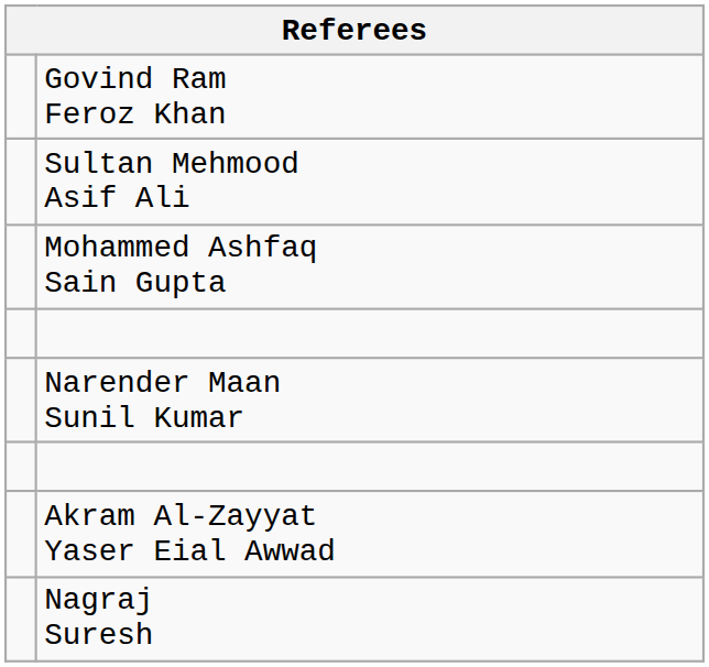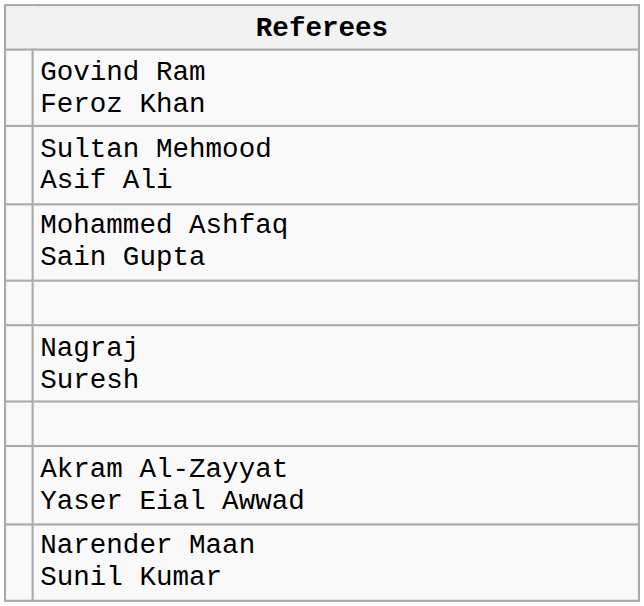 <table class="wikitable" style="width:300px;">
 <tr>
 <th colspan=2>Referees</th>
 </tr>
 <tr>
 <td align=left></td>
 <td>Govind Ram <br> Feroz Khan</td>
 </tr>
 <tr>
 <td align=left></td>
 <td>Sultan Mehmood<br>Asif Ali</td>
 </tr>
 <tr>
 <td align=left></td>
 <td>Mohammed Ashfaq <br> Sain Gupta</td>
 </tr>
 <tr>
 <td align=left></td>
 <td><br></td>
 </tr>
 <tr>
 <td align=left></td>
-<td>Narender Maan <br> Sunil Kumar</td>
+<td>Nagraj <br> Suresh</td>
 </tr>
 <tr>
 <td align=left></td>
 <td><br></td>
 </tr>
 <tr>
 <td align=left></td>
 <td>Akram Al-Zayyat<br>Yaser Eial Awwad</td>
 </tr>
 <tr>
 <td align=left></td>
-<td>Nagraj <br> Suresh</td>
+<td>Narender Maan <br> Sunil Kumar</td>
 </tr>
 </table>
